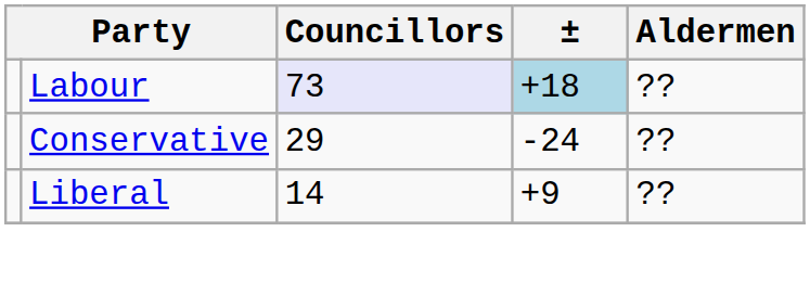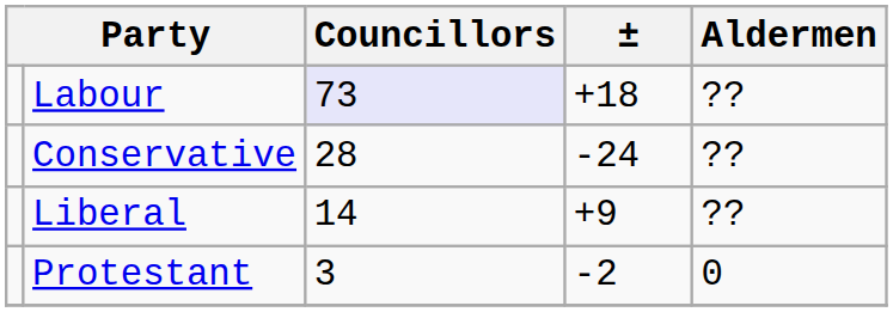 <table class="wikitable">
 <tr>
 <th colspan="2">Party</th>
 <th>Councillors</th>
 <th>  ±  </th>
 <th>Aldermen</th>
 </tr>
 <tr>
 <td style="background-color: "></td>
 <td><a href='#'>Labour</a></td>
 <td style="background: lavender;">73</td>
-<td style="background: lightblue;">+18</td>
+<td>+18</td>
 <td>??</td>
 </tr>
 <tr>
 <td style="background-color: "></td>
 <td><a href='#'>Conservative</a></td>
-<td>29</td>
+<td>28</td>
 <td>-24</td>
 <td>??</td>
 </tr>
 <tr>
 <td style="background-color: "></td>
 <td><a href='#'>Liberal</a></td>
 <td>14</td>
 <td>+9</td>
 <td>??</td>
 </tr>
 <tr>
+<td style="background-color: "></td>
+<td><a href='#'>Protestant</a></td>
+<td>3</td>
+<td>-2</td>
+<td>0</td>
+</tr>
+<tr>
 </tr>
 </table>
